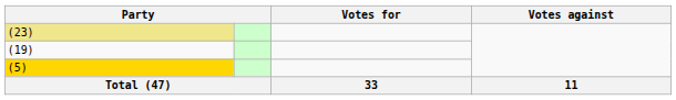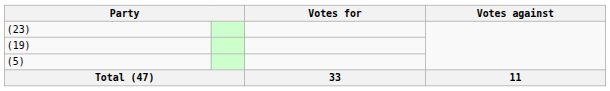 <table class="wikitable" style="float:right; width:50%;">
 <tr>
 <th style="width:20%;" colspan="2">Party</th>
 <th style="width:15%;">Votes for</th>
 <th style="width:15%;">Votes against</th>
 </tr>
 <tr>
-<td style="background: khaki;"> (23)</td>
+<td> (23)</td>
 <td style="background-color:#CCFFCC;"></td>
 <td></td>
 </tr>
 <tr>
 <td> (19)</td>
 <td style="background-color:#CCFFCC;"></td>
 <td></td>
 </tr>
 <tr>
-<td style="background: gold;"> (5)</td>
+<td> (5)</td>
 <td style="background-color:#CCFFCC;"></td>
 <td></td>
 </tr>
 <tr>
 <th colspan=2>Total (47)</th>
 <th>33</th>
 <th>11</th>
 </tr>
 </table>
